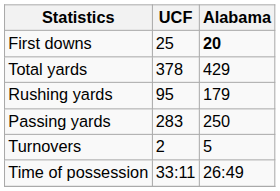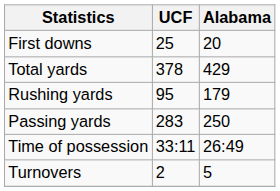 <table class="wikitable" style="float: left;">
 <tr>
 <th>Statistics</th>
 <th style=>UCF</th>
 <th>Alabama</th>
 </tr>
 <tr>
 <td>First downs</td>
 <td>25</td>
-<td><strong>20</strong></td>
+<td>20</td>
 </tr>
 <tr>
 <td>Total yards</td>
 <td>378</td>
 <td>429</td>
 </tr>
 <tr>
 <td>Rushing yards</td>
 <td>95</td>
 <td>179</td>
 </tr>
 <tr>
 <td>Passing yards</td>
 <td>283</td>
 <td>250</td>
 </tr>
 <tr>
+<td>Time of possession</td>
+<td>33:11</td>
+<td>26:49</td>
+</tr>
+<tr>
 <td>Turnovers</td>
 <td>2</td>
 <td>5</td>
 </tr>
 <tr>
-<td>Time of possession</td>
-<td>33:11</td>
-<td>26:49</td>
-</tr>
-<tr>
 </tr>
 </table>
